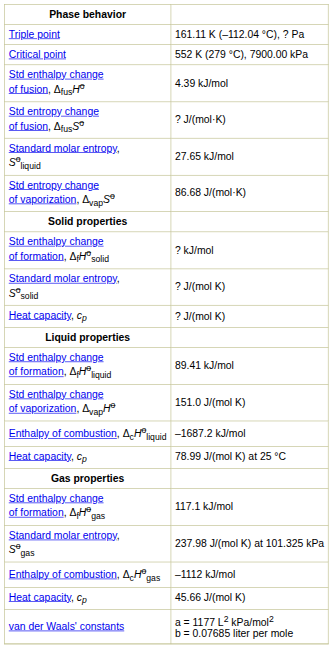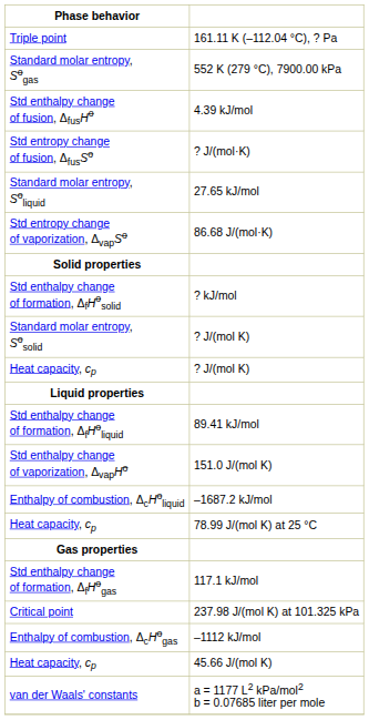 <table border="1" cellspacing="0" cellpadding="6" style="margin: 0 0 0 0.5em; background: #FFFFFF; border-collapse: collapse; border-color: #C0C090;">
 <tr>
 <th>Phase behavior</th>
 </tr>
 <tr>
 <td><a href='#'>Triple point</a></td>
 <td>161.11 K (–112.04 °C), ? Pa</td>
 </tr>
 <tr>
-<td><a href='#'>Critical point</a></td>
+<td><a href='#'>Standard molar entropy</a>,<br><em>S</em><sup><s>o</s></sup><sub>gas</sub></td>
 <td>552 K (279 °C), 7900.00 kPa</td>
 </tr>
 <tr>
 <td><a href='#'>Std enthalpy change<br>of fusion</a>, Δ<sub>fus</sub><em>H</em><sup><s>o</s></sup></td>
 <td>4.39 kJ/mol</td>
 </tr>
 <tr>
 <td><a href='#'>Std entropy change<br>of fusion</a>, Δ<sub>fus</sub><em>S</em><sup><s>o</s></sup></td>
 <td>? J/(mol·K)</td>
 </tr>
 <tr>
 <td><a href='#'>Standard molar entropy</a>,<br><em>S</em><sup><s>o</s></sup><sub>liquid</sub></td>
 <td>27.65 kJ/mol</td>
 </tr>
 <tr>
 <td><a href='#'>Std entropy change<br>of vaporization</a>, Δ<sub>vap</sub><em>S</em><sup><s>o</s></sup></td>
 <td>86.68 J/(mol·K)</td>
 </tr>
 <tr>
 <th>Solid properties</th>
 </tr>
 <tr>
 <td><a href='#'>Std enthalpy change<br>of formation</a>, Δ<sub>f</sub><em>H</em><sup><s>o</s></sup><sub>solid</sub></td>
 <td>? kJ/mol</td>
 </tr>
 <tr>
 <td><a href='#'>Standard molar entropy</a>,<br><em>S</em><sup><s>o</s></sup><sub>solid</sub></td>
 <td>? J/(mol K)</td>
 </tr>
 <tr>
 <td><a href='#'>Heat capacity</a>, <em>c<sub>p</sub></em></td>
 <td>? J/(mol K)</td>
 </tr>
 <tr>
 <th>Liquid properties</th>
 </tr>
 <tr>
 <td><a href='#'>Std enthalpy change<br>of formation</a>, Δ<sub>f</sub><em>H</em><sup><s>o</s></sup><sub>liquid</sub></td>
 <td>89.41 kJ/mol</td>
 </tr>
 <tr>
 <td><a href='#'>Std enthalpy change<br>of vaporization</a>, Δ<sub>vap</sub><em>H</em><sup><s>o</s></sup></td>
 <td>151.0 J/(mol K)</td>
 </tr>
 <tr>
 <td><a href='#'>Enthalpy of combustion</a>, Δ<sub>c</sub><em>H</em><sup><s>o</s></sup><sub>liquid</sub></td>
 <td>–1687.2 kJ/mol</td>
 </tr>
 <tr>
 <td><a href='#'>Heat capacity</a>, <em>c<sub>p</sub></em></td>
 <td>78.99 J/(mol K) at 25 °C</td>
 </tr>
 <tr>
 <th>Gas properties</th>
 </tr>
 <tr>
 <td><a href='#'>Std enthalpy change<br>of formation</a>, Δ<sub>f</sub><em>H</em><sup><s>o</s></sup><sub>gas</sub></td>
 <td>117.1 kJ/mol</td>
 </tr>
 <tr>
-<td><a href='#'>Standard molar entropy</a>,<br><em>S</em><sup><s>o</s></sup><sub>gas</sub></td>
+<td><a href='#'>Critical point</a></td>
 <td>237.98 J/(mol K) at 101.325 kPa</td>
 </tr>
 <tr>
 <td><a href='#'>Enthalpy of combustion</a>, Δ<sub>c</sub><em>H</em><sup><s>o</s></sup><sub>gas</sub></td>
 <td>–1112 kJ/mol</td>
 </tr>
 <tr>
 <td><a href='#'>Heat capacity</a>, <em>c<sub>p</sub></em></td>
 <td>45.66	 J/(mol K)</td>
 </tr>
 <tr>
 <td><a href='#'>van der Waals' constants</a></td>
 <td>a = 1177 L<sup>2</sup> kPa/mol<sup>2</sup><br> b = 0.07685 liter per mole</td>
 </tr>
 <tr>
 </tr>
 </table>
